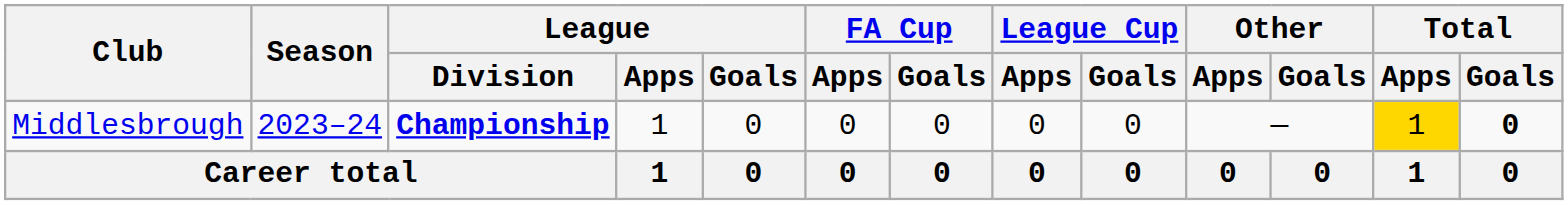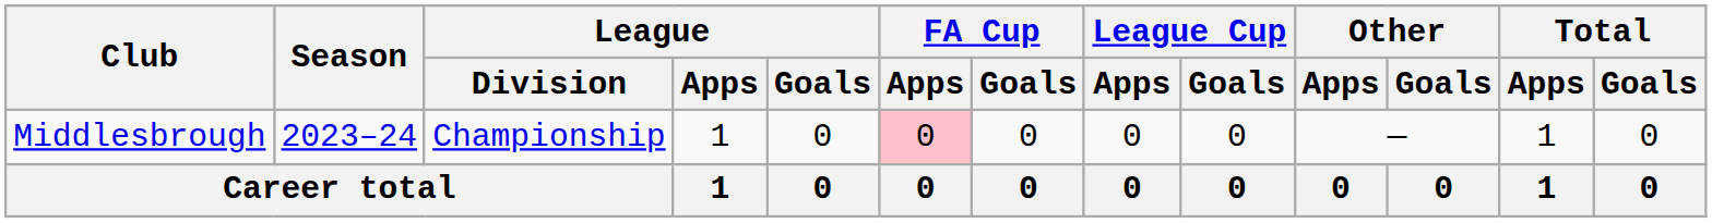 <table class="wikitable" style="text-align: center">
 <tr>
 <th rowspan="2">Club</th>
 <th rowspan="2">Season</th>
 <th colspan="3">League</th>
 <th colspan="2"><a href='#'>FA Cup</a></th>
 <th colspan="2"><a href='#'>League Cup</a></th>
 <th colspan="2">Other</th>
 <th colspan="2">Total</th>
 </tr>
 <tr>
 <th>Division</th>
 <th>Apps</th>
 <th>Goals</th>
 <th>Apps</th>
 <th>Goals</th>
 <th>Apps</th>
 <th>Goals</th>
 <th>Apps</th>
 <th>Goals</th>
 <th>Apps</th>
 <th>Goals</th>
 </tr>
 <tr>
 <td><a href='#'>Middlesbrough</a></td>
 <td><a href='#'>2023–24</a></td>
-<td><strong><a href='#'>Championship</a></strong></td>
+<td><a href='#'>Championship</a></td>
 <td>1</td>
 <td>0</td>
-<td>0</td>
+<td style="background: pink;">0</td>
 <td>0</td>
 <td>0</td>
 <td>0</td>
 <td colspan="2">—</td>
-<td style="background: gold;">1</td>
-<td><strong>0</strong></td>
+<td>1</td>
+<td>0</td>
 </tr>
 <tr>
 <th colspan="3">Career total</th>
 <th>1</th>
 <th>0</th>
 <th>0</th>
 <th>0</th>
 <th>0</th>
 <th>0</th>
 <th>0</th>
 <th>0</th>
 <th>1</th>
 <th>0</th>
 </tr>
 </table>
